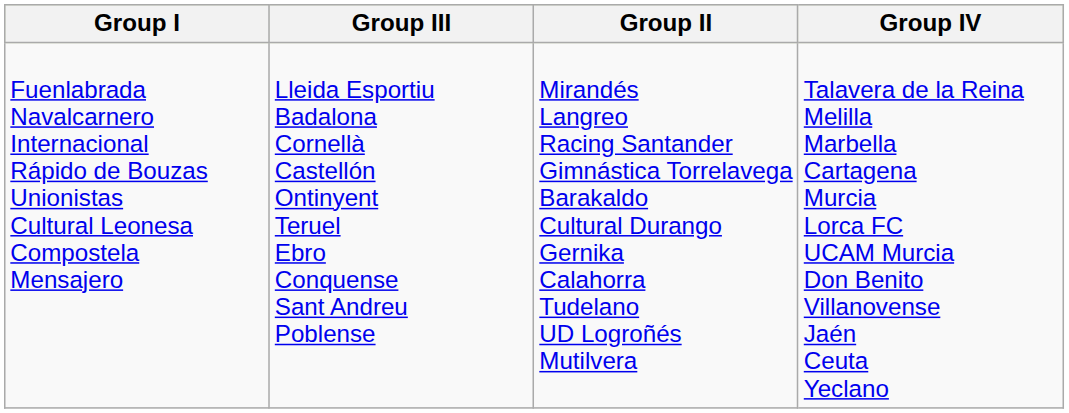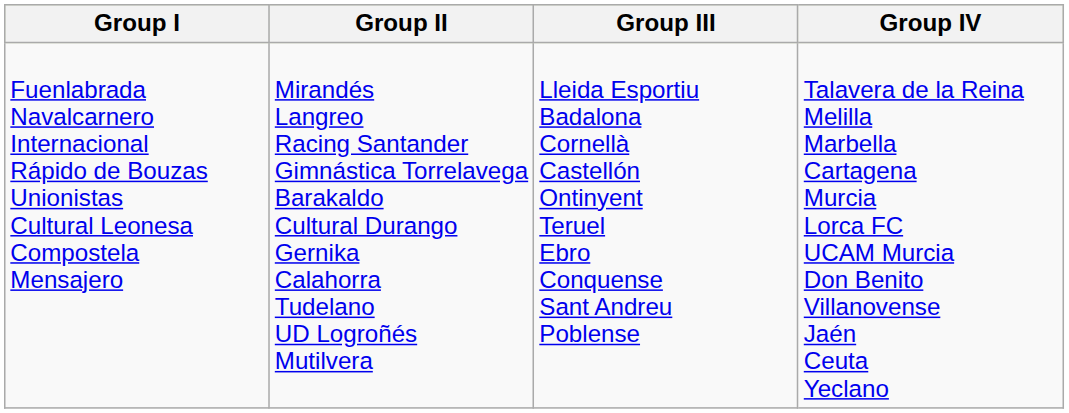 <table class="wikitable">
 <tr style="background-color:#d6e2b3; text-align:center; vertical-align:top">
 <th width=25%>Group I</th>
+<th width=25%>Group II</th>
 <th width=25%>Group III</th>
-<th width=25%>Group II</th>
 <th width=25%>Group IV</th>
 </tr>
 <tr style="vertical-align:top">
 <td><br><a href='#'>Fuenlabrada</a><br> <a href='#'>Navalcarnero</a><br> <a href='#'>Internacional</a><br> <a href='#'>Rápido de Bouzas</a><br> <a href='#'>Unionistas</a><br> <a href='#'>Cultural Leonesa</a><br> <a href='#'>Compostela</a><br> <a href='#'>Mensajero</a></td>
+<td><br><a href='#'>Mirandés</a><br> <a href='#'>Langreo</a><br> <a href='#'>Racing Santander</a><br> <a href='#'>Gimnástica Torrelavega</a><br> <a href='#'>Barakaldo</a><br> <a href='#'>Cultural Durango</a><br> <a href='#'>Gernika</a><br> <a href='#'>Calahorra</a><br> <a href='#'>Tudelano</a><br> <a href='#'>UD Logroñés</a><br> <a href='#'>Mutilvera</a></td>
 <td><br><a href='#'>Lleida Esportiu</a><br> <a href='#'>Badalona</a><br> <a href='#'>Cornellà</a><br> <a href='#'>Castellón</a><br> <a href='#'>Ontinyent</a><br> <a href='#'>Teruel</a><br> <a href='#'>Ebro</a><br> <a href='#'>Conquense</a><br> <a href='#'>Sant Andreu</a><br> <a href='#'>Poblense</a></td>
-<td><br><a href='#'>Mirandés</a><br> <a href='#'>Langreo</a><br> <a href='#'>Racing Santander</a><br> <a href='#'>Gimnástica Torrelavega</a><br> <a href='#'>Barakaldo</a><br> <a href='#'>Cultural Durango</a><br> <a href='#'>Gernika</a><br> <a href='#'>Calahorra</a><br> <a href='#'>Tudelano</a><br> <a href='#'>UD Logroñés</a><br> <a href='#'>Mutilvera</a></td>
 <td><br><a href='#'>Talavera de la Reina</a><br> <a href='#'>Melilla</a><br> <a href='#'>Marbella</a><br> <a href='#'>Cartagena</a><br> <a href='#'>Murcia</a><br> <a href='#'>Lorca FC</a><br> <a href='#'>UCAM Murcia</a><br> <a href='#'>Don Benito</a><br> <a href='#'>Villanovense</a><br> <a href='#'>Jaén</a><br> <a href='#'>Ceuta</a><br> <a href='#'>Yeclano</a></td>
 </tr>
 </table>
